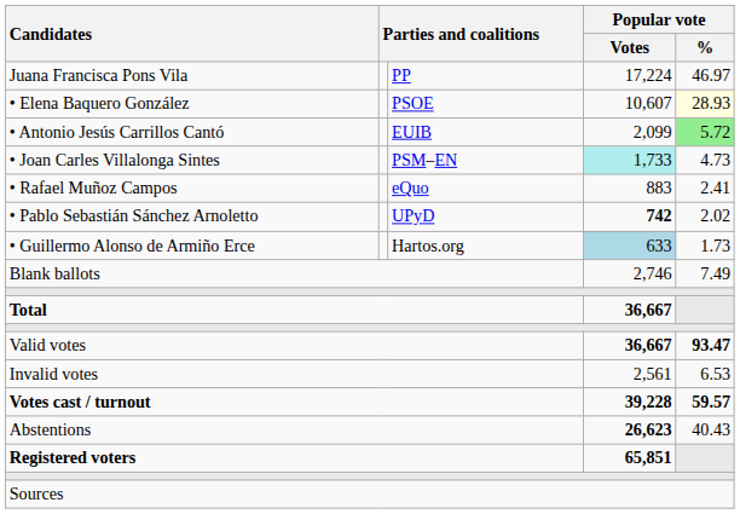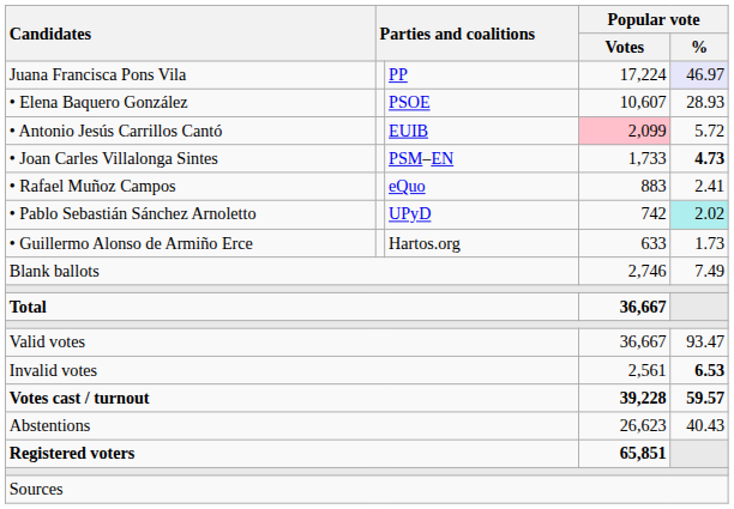 <table class="wikitable" style="text-align:right; font-size:95%;">
 <tr>
 <th style="text-align:left;" rowspan="2" width="325">Candidates</th>
 <th style="text-align:left;" rowspan="2" colspan="2" width="175">Parties and coalitions</th>
 <th colspan="2">Popular vote</th>
 </tr>
 <tr>
 <th width="75">Votes</th>
 <th width="45">%</th>
 </tr>
 <tr>
 <td align="left"> Juana Francisca Pons Vila</td>
 <td width="1" style="color:inherit;background:"></td>
 <td align="left"><a href='#'>PP</a></td>
 <td>17,224</td>
-<td>46.97</td>
+<td style="background: lavender;">46.97</td>
 </tr>
 <tr>
 <td align="left">• Elena Baquero González</td>
 <td style="color:inherit;background:"></td>
 <td align="left"><a href='#'>PSOE</a></td>
 <td>10,607</td>
-<td style="background: lightyellow;">28.93</td>
+<td>28.93</td>
 </tr>
 <tr>
 <td align="left">• Antonio Jesús Carrillos Cantó</td>
 <td style="color:inherit;background:"></td>
 <td align="left"><a href='#'>EUIB</a></td>
-<td>2,099</td>
-<td style="background: lightgreen;">5.72</td>
+<td style="background: pink;">2,099</td>
+<td>5.72</td>
 </tr>
 <tr>
 <td align="left">• Joan Carles Villalonga Sintes</td>
 <td style="color:inherit;background:"></td>
 <td align="left"><a href='#'>PSM</a>–<a href='#'>EN</a></td>
-<td style="background: paleturquoise;">1,733</td>
-<td>4.73</td>
+<td>1,733</td>
+<td><strong>4.73</strong></td>
 </tr>
 <tr>
 <td align="left">• Rafael Muñoz Campos</td>
 <td style="color:inherit;background:"></td>
 <td align="left"><a href='#'>eQuo</a></td>
 <td>883</td>
 <td>2.41</td>
 </tr>
 <tr>
 <td align="left">• Pablo Sebastián Sánchez Arnoletto</td>
 <td style="color:inherit;background:"></td>
 <td align="left"><a href='#'>UPyD</a></td>
-<td><strong>742</strong></td>
-<td>2.02</td>
+<td>742</td>
+<td style="background: paleturquoise;">2.02</td>
 </tr>
 <tr>
 <td align="left">• Guillermo Alonso de Armiño Erce</td>
 <td style="color:inherit;background:"></td>
 <td align="left">Hartos.org</td>
-<td style="background: lightblue;">633</td>
+<td>633</td>
 <td>1.73</td>
 </tr>
 <tr>
 <td align="left" colspan="3">Blank ballots</td>
 <td>2,746</td>
 <td>7.49</td>
 </tr>
 <tr>
 <td colspan="5" bgcolor="#E9E9E9"></td>
 </tr>
 <tr style="font-weight:bold;">
 <td align="left" colspan="3">Total</td>
 <td>36,667</td>
 <td bgcolor="#E9E9E9"></td>
 </tr>
 <tr>
 <td colspan="5" bgcolor="#E9E9E9"></td>
 </tr>
 <tr>
 <td align="left" colspan="3">Valid votes</td>
-<td><strong>36,667</strong></td>
-<td><strong>93.47</strong></td>
+<td>36,667</td>
+<td>93.47</td>
 </tr>
 <tr>
 <td align="left" colspan="3">Invalid votes</td>
 <td>2,561</td>
-<td>6.53</td>
+<td><strong>6.53</strong></td>
 </tr>
 <tr style="font-weight:bold;">
 <td align="left" colspan="3">Votes cast / turnout</td>
 <td>39,228</td>
 <td>59.57</td>
 </tr>
 <tr>
 <td align="left" colspan="3">Abstentions</td>
-<td><strong>26,623</strong></td>
+<td>26,623</td>
 <td>40.43</td>
 </tr>
 <tr style="font-weight:bold;">
 <td align="left" colspan="3">Registered voters</td>
 <td>65,851</td>
 <td bgcolor="#E9E9E9"></td>
 </tr>
 <tr>
 <td colspan="5" bgcolor="#E9E9E9"></td>
 </tr>
 <tr>
 <td align="left" colspan="5">Sources</td>
 </tr>
 </table>
